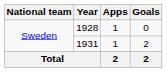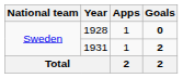 <table class=wikitable style=text-align:center>
 <tr>
 <th>National team</th>
 <th>Year</th>
 <th>Apps</th>
 <th>Goals</th>
 </tr>
 <tr>
 <td rowspan="2"><a href='#'>Sweden</a></td>
 <td>1928</td>
 <td>1</td>
-<td>0</td>
+<td><strong>0</strong></td>
 </tr>
 <tr>
 <td>1931</td>
 <td>1</td>
-<td>2</td>
+<td><strong>2</strong></td>
 </tr>
 <tr>
 <th colspan="2">Total</th>
 <th>2</th>
 <th>2</th>
 </tr>
 </table>
